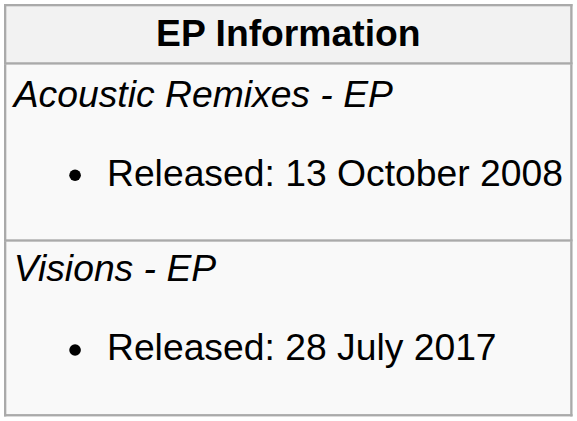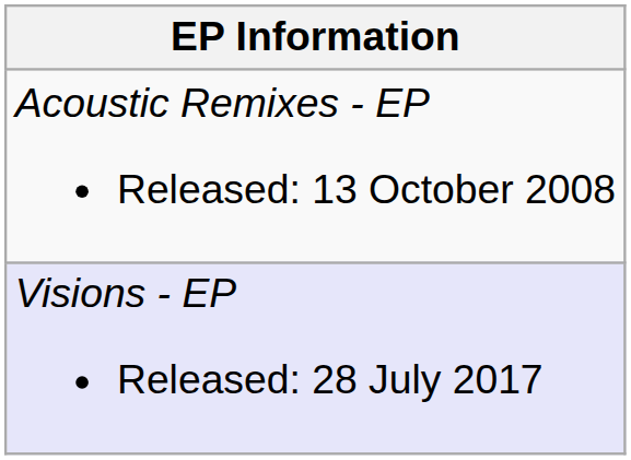 <table class="wikitable">
 <tr>
 <th>EP Information</th>
 </tr>
 <tr>
 <td><em>Acoustic Remixes - EP</em><br><ul><li>Released: 13 October 2008</li></ul></td>
 </tr>
 <tr>
-<td><em>Visions - EP</em><br><ul><li>Released: 28 July 2017</li></ul></td>
+<td style="background: lavender;"><em>Visions - EP</em><br><ul><li>Released: 28 July 2017</li></ul></td>
 </tr>
 </table>
